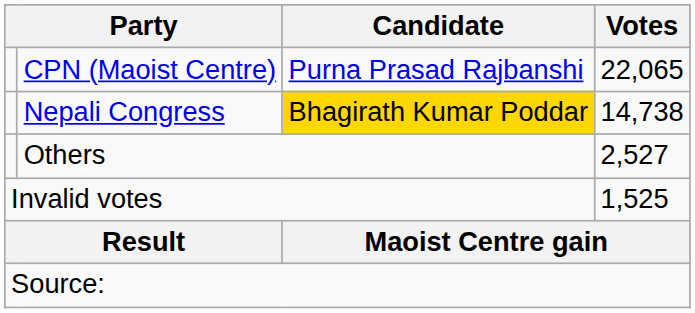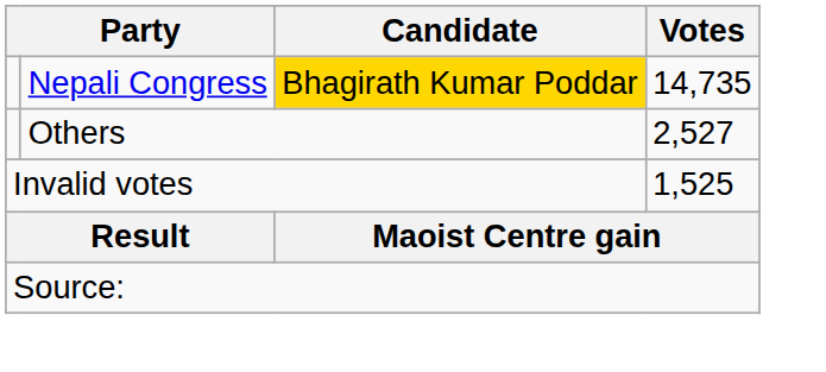 <table class="wikitable">
 <tr>
 <th colspan="2">Party</th>
 <th>Candidate</th>
 <th>Votes</th>
 </tr>
 <tr>
 <td style="background-color:"></td>
-<td><a href='#'>CPN (Maoist Centre)</a></td>
-<td><a href='#'>Purna Prasad Rajbanshi</a></td>
-<td>22,065</td>
-</tr>
-<tr>
-<td style="background-color:"></td>
 <td><a href='#'>Nepali Congress</a></td>
 <td style="background: gold;">Bhagirath Kumar Poddar</td>
-<td>14,738</td>
+<td>14,735</td>
 </tr>
 <tr>
 <td></td>
 <td colspan="2">Others</td>
 <td>2,527</td>
 </tr>
 <tr>
 <td colspan="3">Invalid votes</td>
 <td>1,525</td>
 </tr>
 <tr>
 <th colspan="2">Result</th>
 <th colspan="2">Maoist Centre gain</th>
 </tr>
 <tr>
 <td colspan="4">Source: </td>
 </tr>
 </table>
